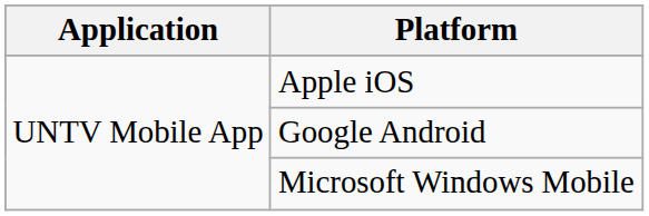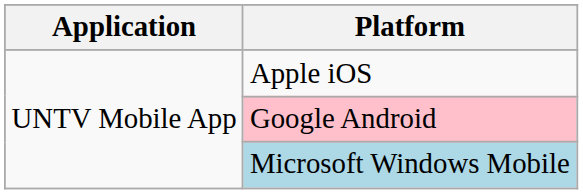 <table class="wikitable float center" style="=width:300px;">
 <tr style="font-size:100%">
 <th>Application</th>
 <th>Platform</th>
 </tr>
 <tr style="font-size:100%">
 <td rowspan=3>UNTV Mobile App</td>
 <td>Apple iOS</td>
 </tr>
 <tr style="font-size:100%">
-<td>Google Android</td>
+<td style="background: pink;">Google Android</td>
 </tr>
 <tr style="font-size:100%">
-<td>Microsoft Windows Mobile</td>
+<td style="background: lightblue;">Microsoft Windows Mobile</td>
 </tr>
 </table>
